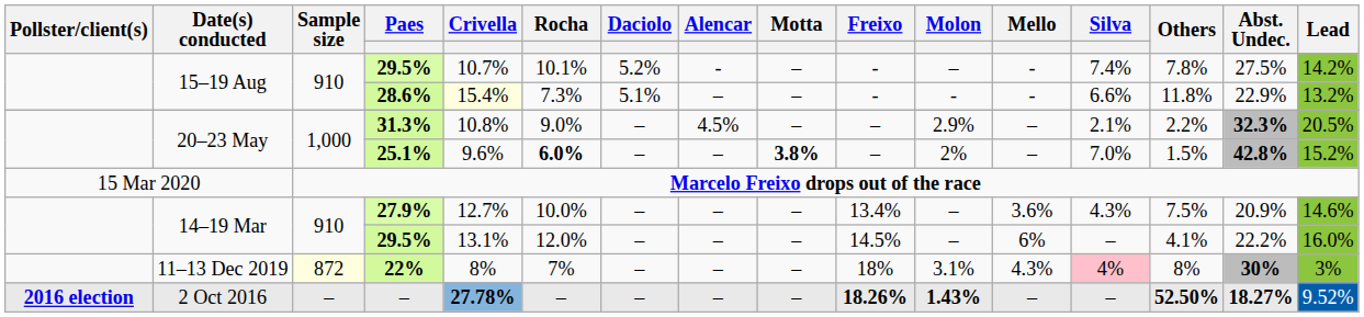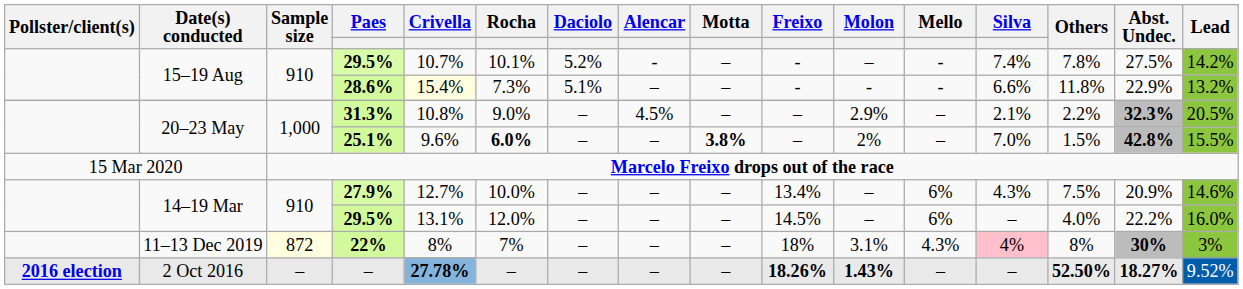 <table class="wikitable sortable" style="text-align:center;font-size:90%;line-height:14px;">
 <tr>
 <th rowspan="2">Pollster/client(s)</th>
 <th rowspan="2">Date(s)<br>conducted</th>
 <th rowspan="2" data-sort-type="number">Sample<br>size</th>
 <th class="unsortable" style="width:50px;"><a href='#'>Paes</a><br></th>
 <th class="unsortable" style="width:50px;"><a href='#'>Crivella</a><br></th>
 <th class="unsortable" style="width:50px;">Rocha<br></th>
 <th class="unsortable" style="width:50px;"><a href='#'>Daciolo</a><br></th>
 <th class="unsortable" style="width:50px;"><a href='#'>Alencar</a><br></th>
 <th class="unsortable" style="width:50px;">Motta<br></th>
 <th class="unsortable" style="width:50px;"><a href='#'>Freixo</a><br></th>
 <th class="unsortable" style="width:50px;"><a href='#'>Molon</a><br></th>
 <th class="unsortable" style="width:50px;">Mello<br></th>
 <th class="unsortable" style="width:50px;"><a href='#'>Silva</a><br></th>
 <th rowspan="2" class="unsortable">Others</th>
 <th rowspan="2" class="unsortable">Abst.<br>Undec.</th>
 <th rowspan="2" data-sort-type="number">Lead</th>
 </tr>
 <tr>
 <th data-sort-type="number" class="sortable" style="background:"></th>
 <th data-sort-type="number" class="sortable" style="background:"></th>
 <th data-sort-type="number" class="sortable" style="background:"></th>
 <th data-sort-type="number" class="sortable" style="background:"></th>
 <th data-sort-type="number" class="sortable" style="background:"></th>
 <th data-sort-type="number" class="sortable" style="background:"></th>
 <th data-sort-type="number" class="sortable" style="background:"></th>
 <th data-sort-type="number" class="sortable" style="background:"></th>
 <th data-sort-type="number" class="sortable" style="background:"></th>
 <th data-sort-type="number" class="sortable" style="background:"></th>
 </tr>
 <tr>
 <td rowspan="2"></td>
 <td rowspan="2">15–19 Aug</td>
 <td rowspan="2">910</td>
 <td style="background:#D9FCA9;"><strong>29.5%</strong></td>
 <td>10.7%</td>
 <td>10.1%</td>
 <td>5.2%</td>
 <td>-</td>
 <td>–</td>
 <td>-</td>
 <td>–</td>
 <td>-</td>
 <td>7.4%</td>
 <td>7.8%</td>
 <td>27.5%</td>
 <td style="background:#8CC63E;">14.2%</td>
 </tr>
 <tr>
 <td style="background:#D2FA9D;"><strong>28.6%</strong></td>
 <td style="background: lightyellow;">15.4%</td>
 <td>7.3%</td>
 <td>5.1%</td>
 <td>–</td>
 <td>–</td>
 <td>-</td>
 <td>-</td>
 <td>-</td>
 <td>6.6%</td>
 <td>11.8%</td>
 <td>22.9%</td>
 <td style="background:#8CC63E;">13.2%</td>
 </tr>
 <tr>
 </tr>
 <tr>
 <td rowspan="2"></td>
 <td rowspan="2">20–23 May</td>
 <td rowspan="2">1,000</td>
 <td style="background:#D2FA9D;"><strong>31.3%</strong></td>
 <td>10.8%</td>
 <td>9.0%</td>
 <td>–</td>
 <td>4.5%</td>
 <td>–</td>
 <td>–</td>
 <td>2.9%</td>
 <td>–</td>
 <td>2.1%</td>
 <td>2.2%</td>
 <td style="background:#BCBCBC;"><strong>32.3%</strong></td>
 <td style="background:#8CC63E;">20.5%</td>
 </tr>
 <tr>
 <td style="background:#D2FA9D;"><strong>25.1%</strong></td>
 <td>9.6%</td>
 <td><strong>6.0%</strong></td>
 <td>–</td>
 <td>–</td>
 <td><strong>3.8%</strong></td>
 <td>–</td>
 <td>2%</td>
 <td>–</td>
 <td>7.0%</td>
 <td>1.5%</td>
 <td style="background:#BCBCBC;"><strong>42.8%</strong></td>
-<td style="background:#8CC63E;">15.2%</td>
+<td style="background:#8CC63E;">15.5%</td>
 </tr>
 <tr>
 <td colspan="2">15 Mar 2020</td>
 <td colspan="14"><strong><a href='#'>Marcelo Freixo</a> drops out of the race</strong></td>
 </tr>
 <tr>
 <td rowspan="2"></td>
 <td rowspan="2">14–19 Mar</td>
 <td rowspan="2">910</td>
 <td style="background:#D9FCA9;"><strong>27.9%</strong></td>
 <td>12.7%</td>
 <td>10.0%</td>
 <td>–</td>
 <td>–</td>
 <td>–</td>
 <td>13.4%</td>
 <td>–</td>
-<td>3.6%</td>
+<td>6%</td>
 <td>4.3%</td>
 <td>7.5%</td>
 <td>20.9%</td>
 <td style="background:#8CC63E;">14.6%</td>
 </tr>
 <tr>
 <td style="background:#D2FA9D;"><strong>29.5%</strong></td>
 <td>13.1%</td>
 <td>12.0%</td>
 <td>–</td>
 <td>–</td>
 <td>–</td>
 <td>14.5%</td>
 <td>–</td>
 <td>6%</td>
 <td>–</td>
-<td>4.1%</td>
+<td>4.0%</td>
 <td>22.2%</td>
 <td style="background:#8CC63E;">16.0%</td>
 </tr>
 <tr>
 <td></td>
 <td>11–13 Dec 2019</td>
 <td style="background: lightyellow;">872</td>
 <td style="background:#D2FA9D;"><strong>22%</strong></td>
 <td>8%</td>
 <td>7%</td>
 <td>–</td>
 <td>–</td>
 <td>–</td>
 <td>18%</td>
 <td>3.1%</td>
 <td>4.3%</td>
 <td style="background: pink;">4%</td>
 <td>8%</td>
 <td style="background:#BCBCBC;"><strong>30%</strong></td>
 <td style="background:#8CC63E;">3%</td>
 </tr>
 <tr style="background:#E9E9E9;">
 <td><strong><a href='#'>2016 election</a></strong></td>
 <td>2 Oct 2016</td>
 <td>–</td>
 <td>–</td>
 <td style="background:#84B4DB;"><strong>27.78%</strong></td>
 <td>–</td>
 <td>–</td>
 <td>–</td>
 <td>–</td>
 <td><strong>18.26%</strong></td>
 <td><strong>1.43%</strong></td>
 <td>–</td>
 <td>–</td>
 <td><strong>52.50%</strong></td>
 <td><strong>18.27%</strong></td>
 <td style="background:#005DAA;color:#FFFFFF;">9.52%</td>
 </tr>
 </table>
